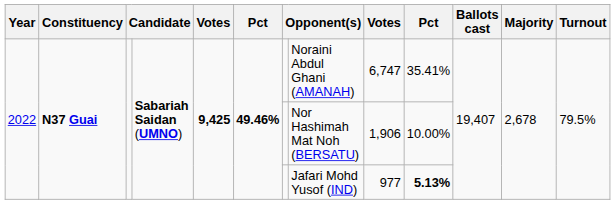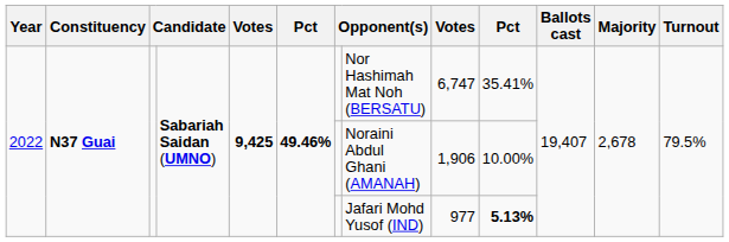 <table class="wikitable" style="margin:0.5em ; font-size:95%">
 <tr>
 <th>Year</th>
 <th>Constituency</th>
 <th colspan=2>Candidate</th>
 <th>Votes</th>
 <th>Pct</th>
 <th colspan=2>Opponent(s)</th>
 <th>Votes</th>
 <th>Pct</th>
 <th>Ballots cast</th>
 <th>Majority</th>
 <th>Turnout</th>
 </tr>
 <tr>
 <td rowspan=3><a href='#'>2022</a></td>
 <td rowspan=3><strong>N37 <a href='#'>Guai</a></strong></td>
 <td rowspan=3 ></td>
 <td rowspan=3><strong>Sabariah Saidan</strong> (<a href='#'><strong>UMNO</strong></a>)</td>
 <td rowspan=3 align="right"><strong>9,425</strong></td>
 <td rowspan=3><strong>49.46%</strong></td>
 <td bgcolor=></td>
-<td>Noraini Abdul Ghani (<a href='#'>AMANAH</a>)</td>
+<td>Nor Hashimah Mat Noh (<a href='#'>BERSATU</a>)</td>
 <td align="right">6,747</td>
 <td>35.41%</td>
 <td rowspan=3>19,407</td>
 <td rowspan=3>2,678</td>
 <td rowspan=3>79.5%</td>
 </tr>
 <tr>
 <td></td>
-<td>Nor Hashimah Mat Noh (<a href='#'>BERSATU</a>)</td>
+<td>Noraini Abdul Ghani (<a href='#'>AMANAH</a>)</td>
 <td align="right">1,906</td>
 <td>10.00%</td>
 </tr>
 <tr>
 <td></td>
 <td>Jafari Mohd Yusof (<a href='#'>IND</a>)</td>
 <td align="right">977</td>
 <td align="right"><strong>5.13%</strong></td>
 </tr>
 </table>
